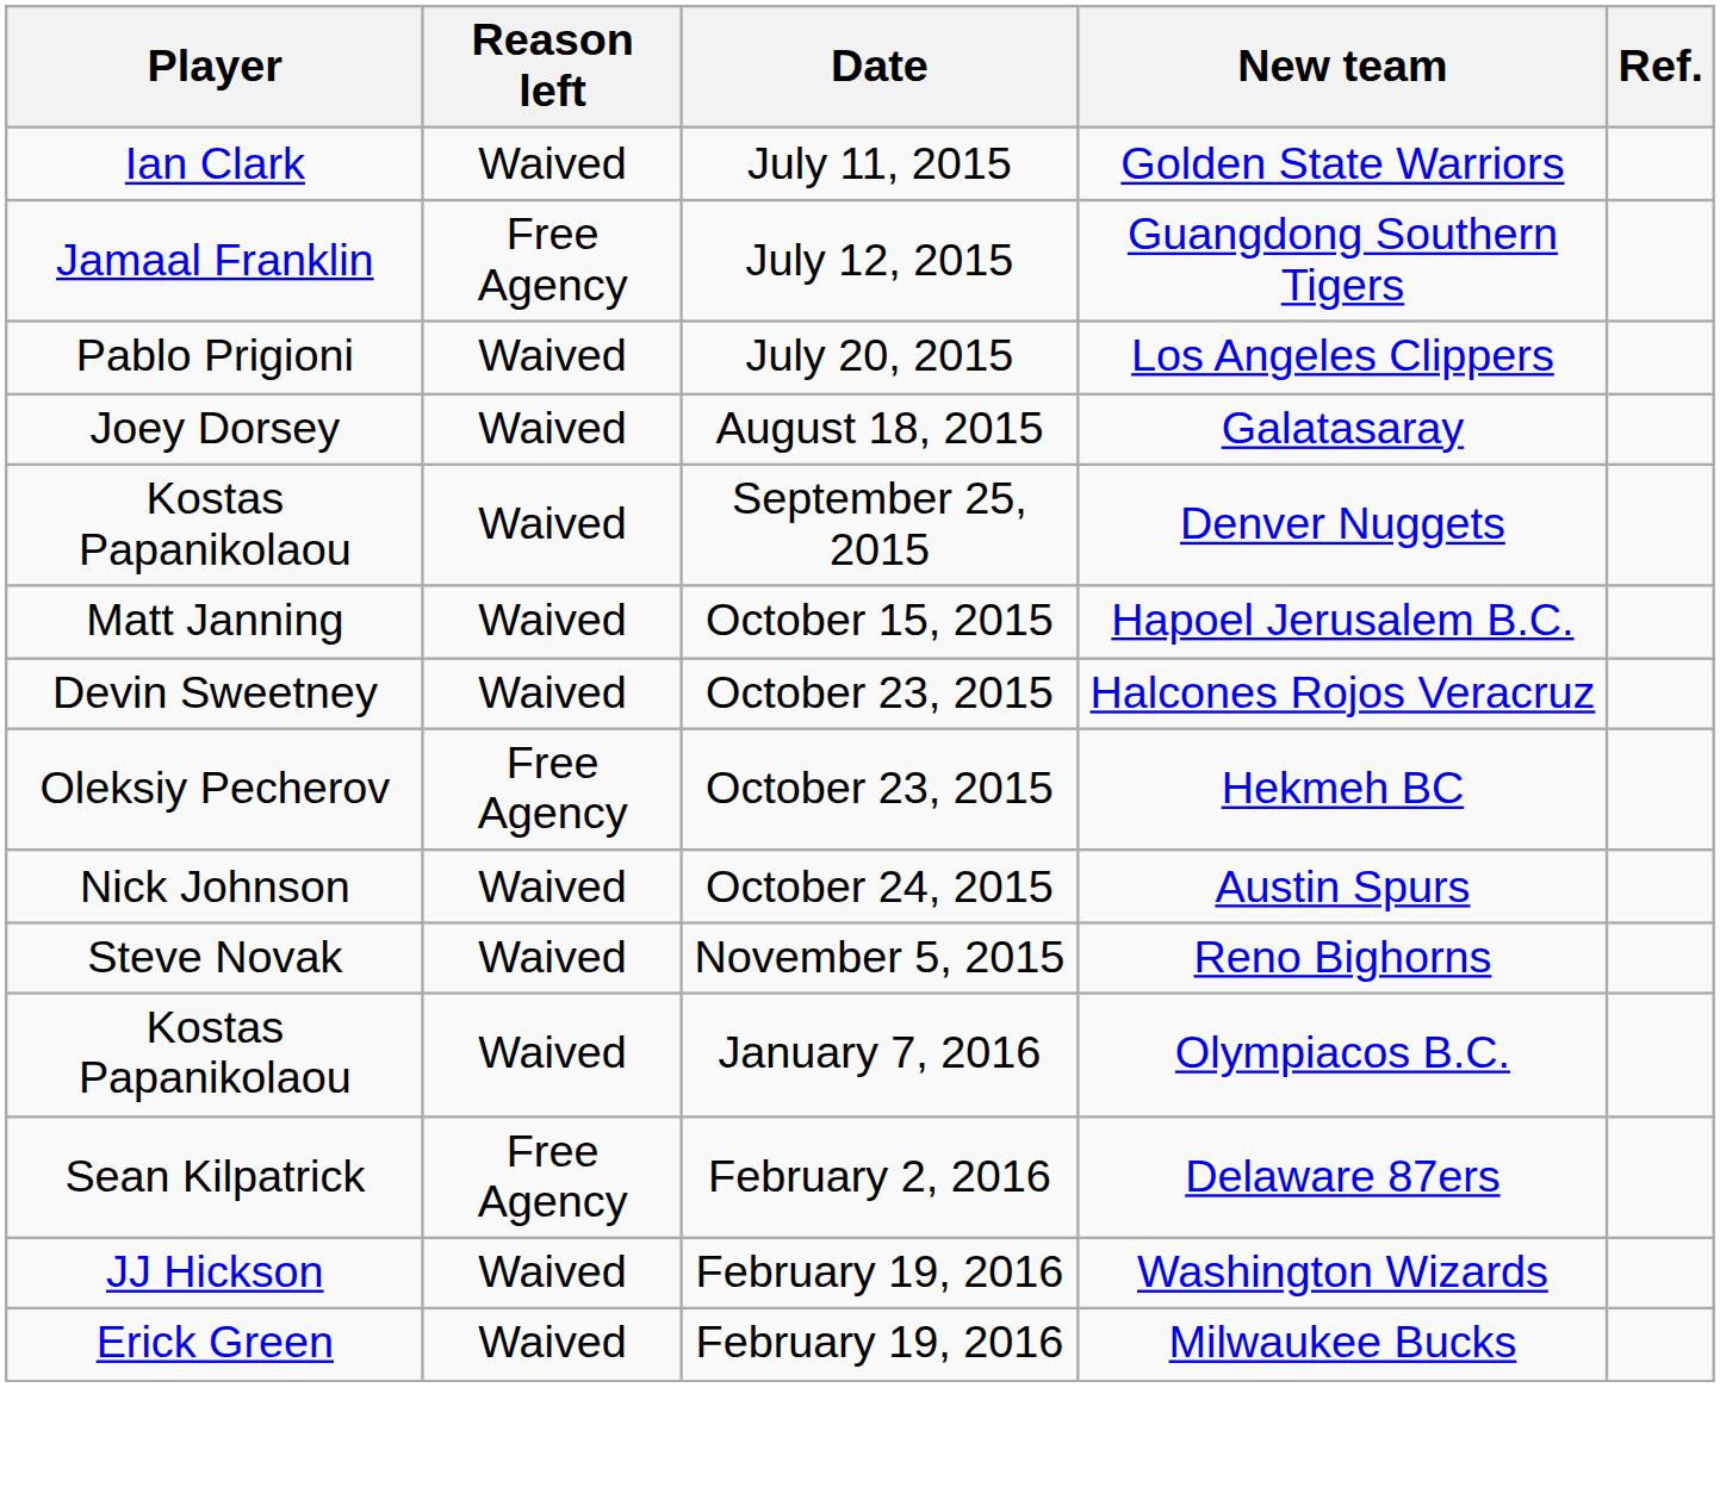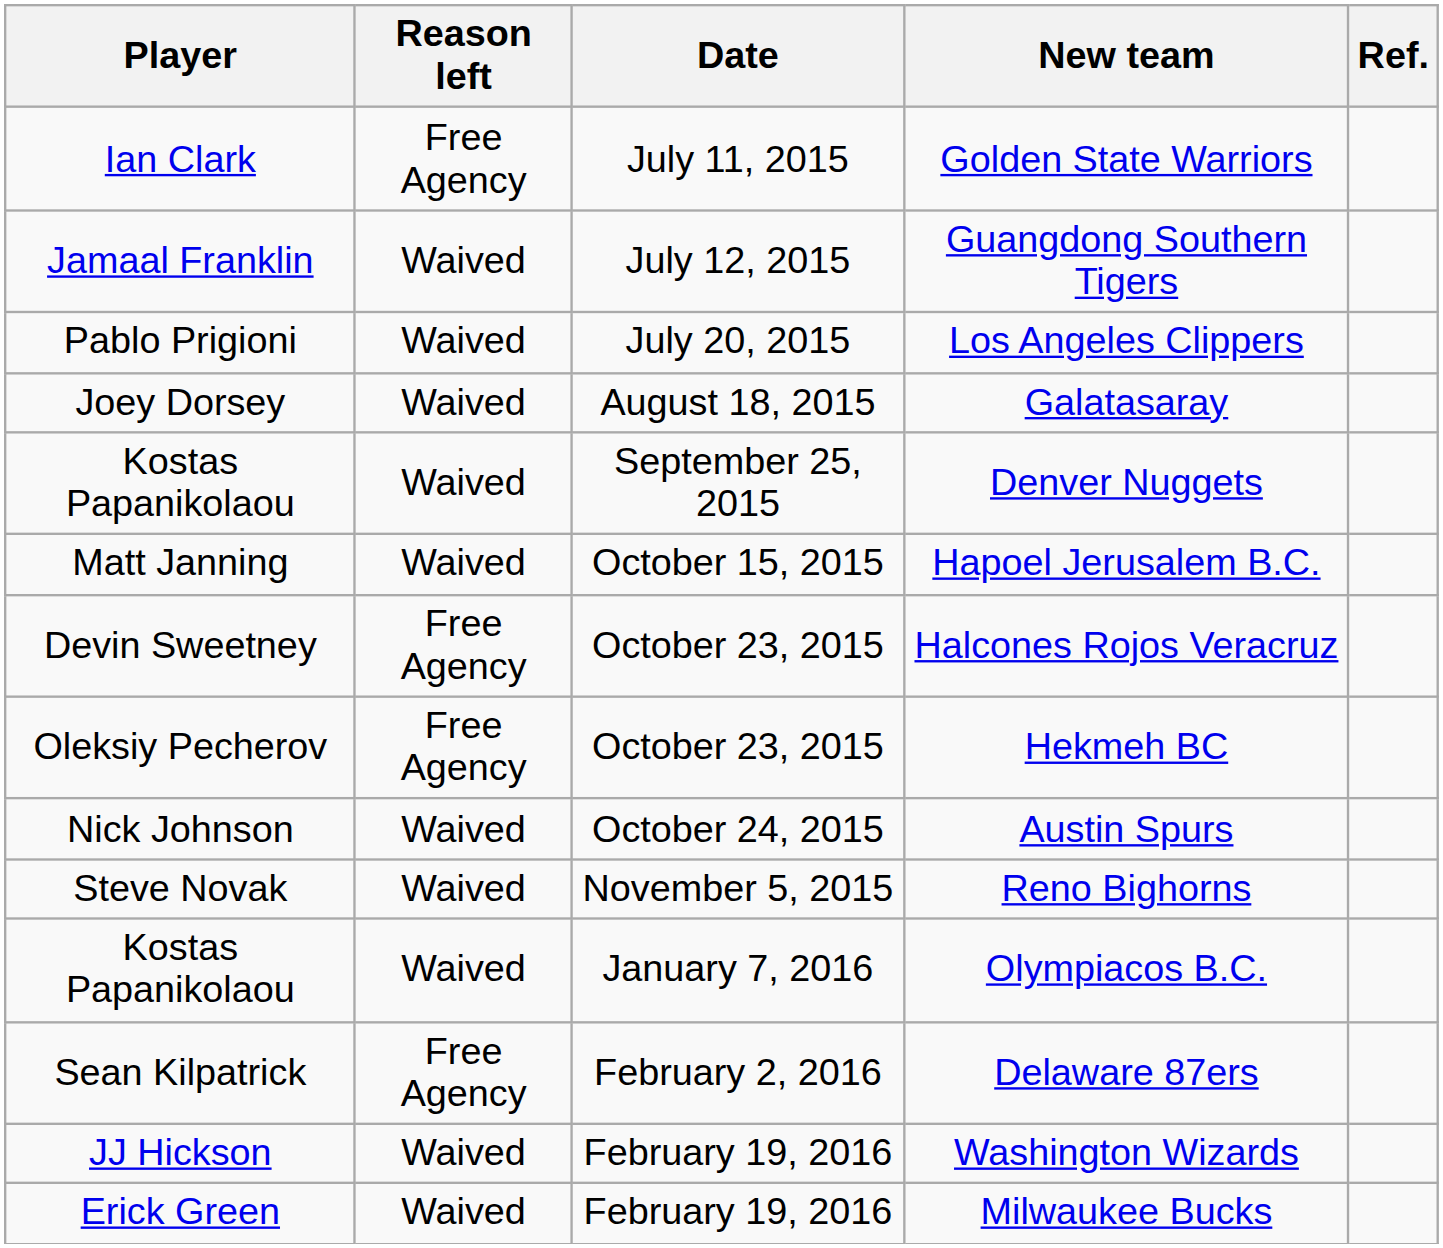 <table class="wikitable sortable sortable" style="text-align: center">
 <tr>
 <th>Player</th>
 <th>Reason left</th>
 <th>Date</th>
 <th>New team</th>
 <th>Ref.</th>
 </tr>
 <tr>
 <td><a href='#'>Ian Clark</a></td>
-<td>Waived</td>
+<td>Free Agency</td>
 <td>July 11, 2015</td>
 <td><a href='#'>Golden State Warriors</a></td>
 <td></td>
 </tr>
 <tr>
 <td><a href='#'>Jamaal Franklin</a></td>
-<td>Free Agency</td>
+<td>Waived</td>
 <td>July 12, 2015</td>
 <td> <a href='#'>Guangdong Southern Tigers</a></td>
 <td></td>
 </tr>
 <tr>
 <td>Pablo Prigioni</td>
 <td>Waived</td>
 <td>July 20, 2015</td>
 <td><a href='#'>Los Angeles Clippers</a></td>
 <td></td>
 </tr>
 <tr>
 <td>Joey Dorsey</td>
 <td>Waived</td>
 <td>August 18, 2015</td>
 <td> <a href='#'>Galatasaray</a></td>
 <td></td>
 </tr>
 <tr>
 <td>Kostas Papanikolaou</td>
 <td>Waived</td>
 <td>September 25, 2015</td>
 <td><a href='#'>Denver Nuggets</a></td>
 <td></td>
 </tr>
 <tr>
 <td>Matt Janning</td>
 <td>Waived</td>
 <td>October 15, 2015</td>
 <td> <a href='#'>Hapoel Jerusalem B.C.</a></td>
 <td></td>
 </tr>
 <tr>
 <td>Devin Sweetney</td>
-<td>Waived</td>
+<td>Free Agency</td>
 <td>October 23, 2015</td>
 <td> <a href='#'>Halcones Rojos Veracruz</a></td>
 <td></td>
 </tr>
 <tr>
 <td>Oleksiy Pecherov</td>
 <td>Free Agency</td>
 <td>October 23, 2015</td>
 <td> <a href='#'>Hekmeh BC</a></td>
 <td></td>
 </tr>
 <tr>
 <td Nick Johnson (basketball)>Nick Johnson</td>
 <td>Waived</td>
 <td>October 24, 2015</td>
 <td><a href='#'>Austin Spurs</a></td>
 <td></td>
 </tr>
 <tr>
 <td>Steve Novak</td>
 <td>Waived</td>
 <td>November 5, 2015</td>
 <td><a href='#'>Reno Bighorns</a></td>
 <td></td>
 </tr>
 <tr>
 <td>Kostas Papanikolaou</td>
 <td>Waived</td>
 <td>January 7, 2016</td>
 <td> <a href='#'>Olympiacos B.C.</a></td>
 <td></td>
 </tr>
 <tr>
 <td>Sean Kilpatrick</td>
 <td>Free Agency</td>
 <td>February 2, 2016</td>
 <td><a href='#'>Delaware 87ers</a></td>
 <td></td>
 </tr>
 <tr>
 <td><a href='#'>JJ Hickson</a></td>
 <td>Waived</td>
 <td>February 19, 2016</td>
 <td><a href='#'>Washington Wizards</a></td>
 <td></td>
 </tr>
 <tr>
 <td><a href='#'>Erick Green</a></td>
 <td>Waived</td>
 <td>February 19, 2016</td>
 <td><a href='#'>Milwaukee Bucks</a></td>
 <td></td>
 </tr>
 </table>
